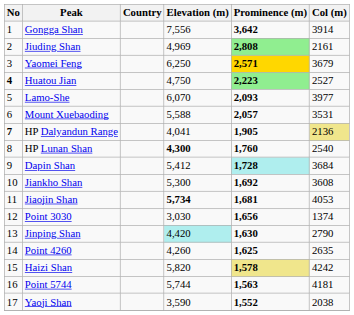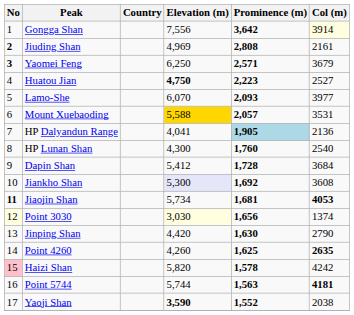 <table class="wikitable sortable">
 <tr>
 <th>No</th>
 <th>Peak</th>
 <th>Country</th>
 <th>Elevation (m)</th>
 <th>Prominence (m)</th>
 <th>Col (m)</th>
 </tr>
 <tr>
 <td>1</td>
 <td><a href='#'>Gongga Shan</a></td>
 <td></td>
 <td>7,556</td>
 <td><strong>3,642</strong></td>
-<td>3914</td>
+<td style="background: lightyellow;">3914</td>
 </tr>
 <tr>
-<td>2</td>
+<td><strong>2</strong></td>
 <td><a href='#'>Jiuding Shan</a></td>
 <td></td>
 <td>4,969</td>
-<td style="background: lightgreen;"><strong>2,808</strong></td>
+<td><strong>2,808</strong></td>
 <td>2161</td>
 </tr>
 <tr>
-<td>3</td>
+<td><strong>3</strong></td>
 <td><a href='#'>Yaomei Feng</a></td>
 <td></td>
 <td>6,250</td>
-<td style="background: gold;"><strong>2,571</strong></td>
+<td><strong>2,571</strong></td>
 <td>3679</td>
 </tr>
 <tr>
-<td><strong>4</strong></td>
+<td>4</td>
 <td><a href='#'>Huatou Jian</a></td>
 <td></td>
-<td>4,750</td>
-<td style="background: lightgreen;"><strong>2,223</strong></td>
+<td><strong>4,750</strong></td>
+<td><strong>2,223</strong></td>
 <td>2527</td>
 </tr>
 <tr>
 <td>5</td>
 <td><a href='#'>Lamo-She</a></td>
 <td></td>
 <td>6,070</td>
 <td><strong>2,093</strong></td>
 <td>3977</td>
 </tr>
 <tr>
 <td>6</td>
 <td><a href='#'>Mount Xuebaoding</a></td>
 <td></td>
-<td>5,588</td>
+<td style="background: gold;">5,588</td>
 <td><strong>2,057</strong></td>
 <td>3531</td>
 </tr>
 <tr>
-<td><strong>7</strong></td>
+<td>7</td>
 <td>HP <a href='#'>Dalyandun Range</a></td>
 <td></td>
 <td>4,041</td>
-<td><strong>1,905</strong></td>
-<td style="background: khaki;">2136</td>
+<td style="background: lightblue;"><strong>1,905</strong></td>
+<td>2136</td>
 </tr>
 <tr>
 <td>8</td>
 <td>HP <a href='#'>Lunan Shan</a></td>
 <td></td>
-<td><strong>4,300</strong></td>
+<td>4,300</td>
 <td><strong>1,760</strong></td>
 <td>2540</td>
 </tr>
 <tr>
 <td>9</td>
 <td><a href='#'>Dapin Shan</a></td>
 <td></td>
 <td>5,412</td>
-<td style="background: paleturquoise;"><strong>1,728</strong></td>
+<td><strong>1,728</strong></td>
 <td>3684</td>
 </tr>
 <tr>
 <td>10</td>
 <td><a href='#'>Jiankho Shan</a></td>
 <td></td>
-<td>5,300</td>
+<td style="background: lavender;">5,300</td>
 <td><strong>1,692</strong></td>
 <td>3608</td>
 </tr>
 <tr>
-<td>11</td>
+<td><strong>11</strong></td>
 <td><a href='#'>Jiaojin Shan</a></td>
 <td></td>
-<td><strong>5,734</strong></td>
+<td>5,734</td>
 <td><strong>1,681</strong></td>
-<td>4053</td>
+<td><strong>4053</strong></td>
 </tr>
 <tr>
-<td>12</td>
+<td style="background: lightyellow;">12</td>
 <td><a href='#'>Point 3030</a></td>
 <td></td>
-<td>3,030</td>
+<td style="background: lightyellow;">3,030</td>
 <td><strong>1,656</strong></td>
 <td>1374</td>
 </tr>
 <tr>
 <td>13</td>
 <td><a href='#'>Jinping Shan</a></td>
 <td></td>
-<td style="background: paleturquoise;">4,420</td>
+<td>4,420</td>
 <td><strong>1,630</strong></td>
 <td>2790</td>
 </tr>
 <tr>
 <td>14</td>
 <td><a href='#'>Point 4260</a></td>
 <td></td>
 <td>4,260</td>
 <td><strong>1,625</strong></td>
-<td>2635</td>
+<td><strong>2635</strong></td>
 </tr>
 <tr>
-<td>15</td>
+<td style="background: pink;">15</td>
 <td><a href='#'>Haizi Shan</a></td>
 <td></td>
 <td>5,820</td>
-<td style="background: khaki;"><strong>1,578</strong></td>
+<td><strong>1,578</strong></td>
 <td>4242</td>
 </tr>
 <tr>
 <td>16</td>
 <td><a href='#'>Point 5744</a></td>
 <td></td>
 <td>5,744</td>
 <td><strong>1,563</strong></td>
-<td>4181</td>
+<td><strong>4181</strong></td>
 </tr>
 <tr>
 <td>17</td>
 <td><a href='#'>Yaoji Shan</a></td>
 <td></td>
-<td>3,590</td>
+<td><strong>3,590</strong></td>
 <td><strong>1,552</strong></td>
 <td>2038</td>
 </tr>
 <tr>
 </tr>
 </table>
